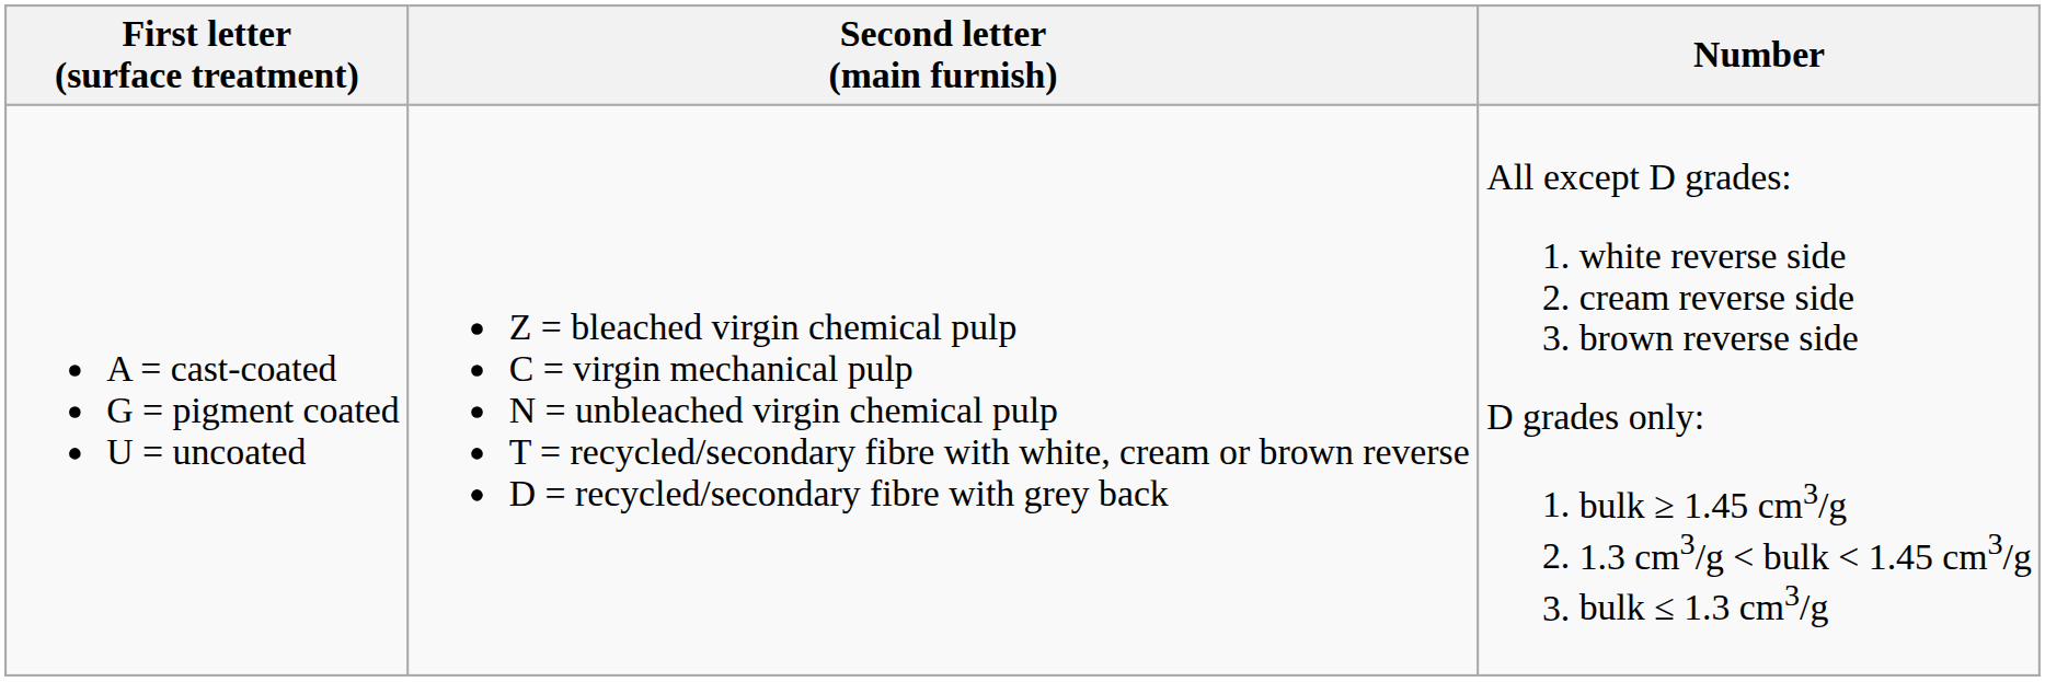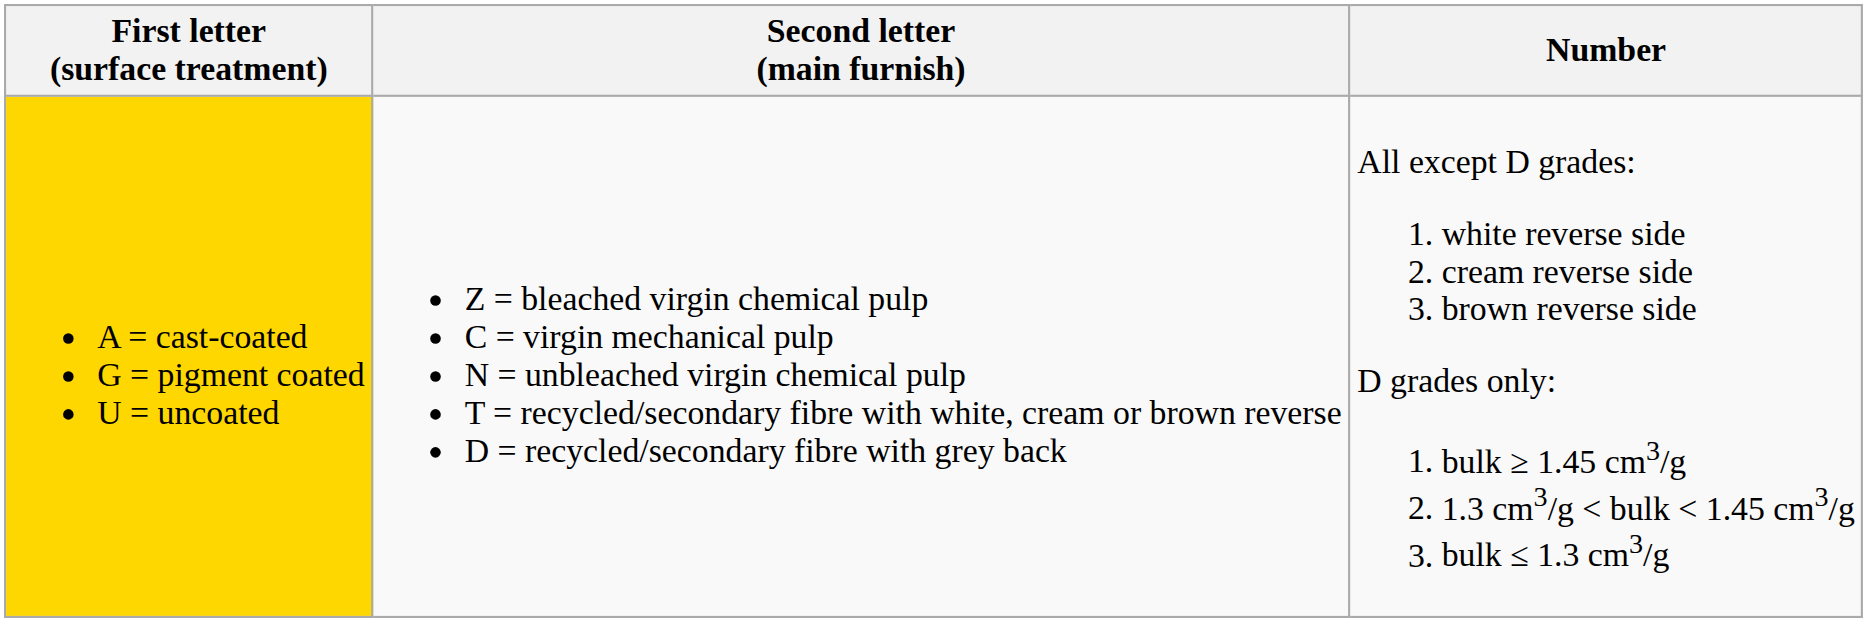 <table class="wikitable">
 <tr>
 <th>First letter<br>(surface treatment)</th>
 <th>Second letter<br>(main furnish)</th>
 <th>Number</th>
 </tr>
 <tr>
-<td><br><ul><li>A = cast-coated</li><li>G = pigment coated</li><li>U = uncoated</li></ul></td>
+<td style="background: gold;"><br><ul><li>A = cast-coated</li><li>G = pigment coated</li><li>U = uncoated</li></ul></td>
 <td><br><ul><li>Z = bleached virgin chemical pulp</li><li>C = virgin mechanical pulp</li><li>N = unbleached virgin chemical pulp</li><li>T = recycled/secondary fibre with white, cream or brown reverse</li><li>D = recycled/secondary fibre with grey back</li></ul></td>
 <td><br>All except D grades:<ol><li>white reverse side</li><li>cream reverse side</li><li>brown reverse side</li></ol>D grades only:<ol><li>bulk ≥ 1.45 cm<sup>3</sup>/g</li><li>1.3 cm<sup>3</sup>/g < bulk < 1.45 cm<sup>3</sup>/g</li><li>bulk ≤ 1.3 cm<sup>3</sup>/g</li></ol></td>
 </tr>
 </table>
